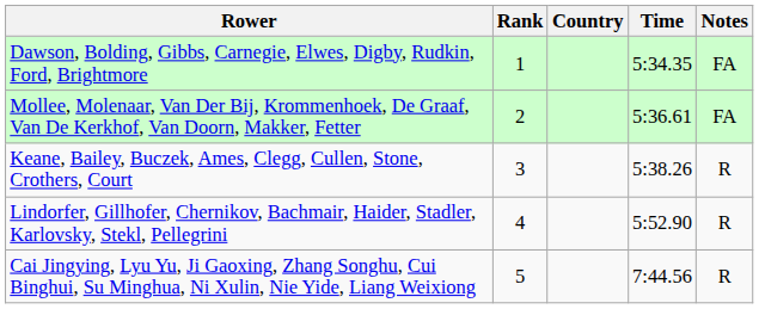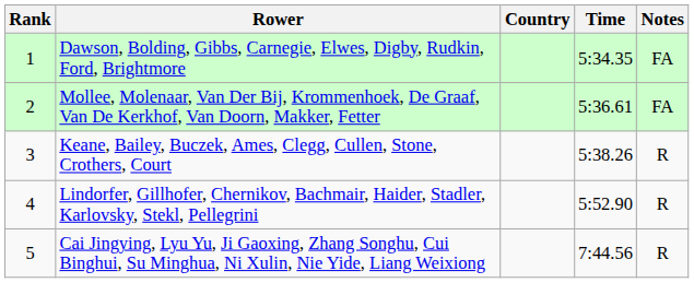 <table class="wikitable" style="text-align:center">
 <tr>
+<th>Rank</th>
 <th>Rower</th>
-<th>Rank</th>
 <th>Country</th>
 <th>Time</th>
 <th>Notes</th>
 </tr>
 <tr bgcolor=ccffcc>
+<td>1</td>
 <td align="left"><a href='#'>Dawson</a>, <a href='#'>Bolding</a>, <a href='#'>Gibbs</a>, <a href='#'>Carnegie</a>, <a href='#'>Elwes</a>, <a href='#'>Digby</a>, <a href='#'>Rudkin</a>, <a href='#'>Ford</a>, <a href='#'>Brightmore</a></td>
-<td>1</td>
 <td align="left"></td>
 <td>5:34.35</td>
 <td>FA</td>
 </tr>
 <tr bgcolor=ccffcc>
+<td>2</td>
 <td align="left"><a href='#'>Mollee</a>, <a href='#'>Molenaar</a>, <a href='#'>Van Der Bij</a>, <a href='#'>Krommenhoek</a>, <a href='#'>De Graaf</a>, <a href='#'>Van De Kerkhof</a>, <a href='#'>Van Doorn</a>, <a href='#'>Makker</a>, <a href='#'>Fetter</a></td>
-<td>2</td>
 <td align="left"></td>
 <td>5:36.61</td>
 <td>FA</td>
 </tr>
 <tr>
+<td>3</td>
 <td align="left"><a href='#'>Keane</a>, <a href='#'>Bailey</a>, <a href='#'>Buczek</a>, <a href='#'>Ames</a>, <a href='#'>Clegg</a>, <a href='#'>Cullen</a>, <a href='#'>Stone</a>, <a href='#'>Crothers</a>, <a href='#'>Court</a></td>
-<td>3</td>
 <td align="left"></td>
 <td>5:38.26</td>
 <td>R</td>
 </tr>
 <tr>
+<td>4</td>
 <td align="left"><a href='#'>Lindorfer</a>, <a href='#'>Gillhofer</a>, <a href='#'>Chernikov</a>, <a href='#'>Bachmair</a>, <a href='#'>Haider</a>, <a href='#'>Stadler</a>, <a href='#'>Karlovsky</a>, <a href='#'>Stekl</a>, <a href='#'>Pellegrini</a></td>
-<td>4</td>
 <td align="left"></td>
 <td>5:52.90</td>
 <td>R</td>
 </tr>
 <tr>
+<td>5</td>
 <td align="left"><a href='#'>Cai Jingying</a>, <a href='#'>Lyu Yu</a>, <a href='#'>Ji Gaoxing</a>, <a href='#'>Zhang Songhu</a>, <a href='#'>Cui Binghui</a>, <a href='#'>Su Minghua</a>, <a href='#'>Ni Xulin</a>, <a href='#'>Nie Yide</a>, <a href='#'>Liang Weixiong</a></td>
-<td>5</td>
 <td align="left"></td>
 <td>7:44.56</td>
 <td>R</td>
 </tr>
 </table>
